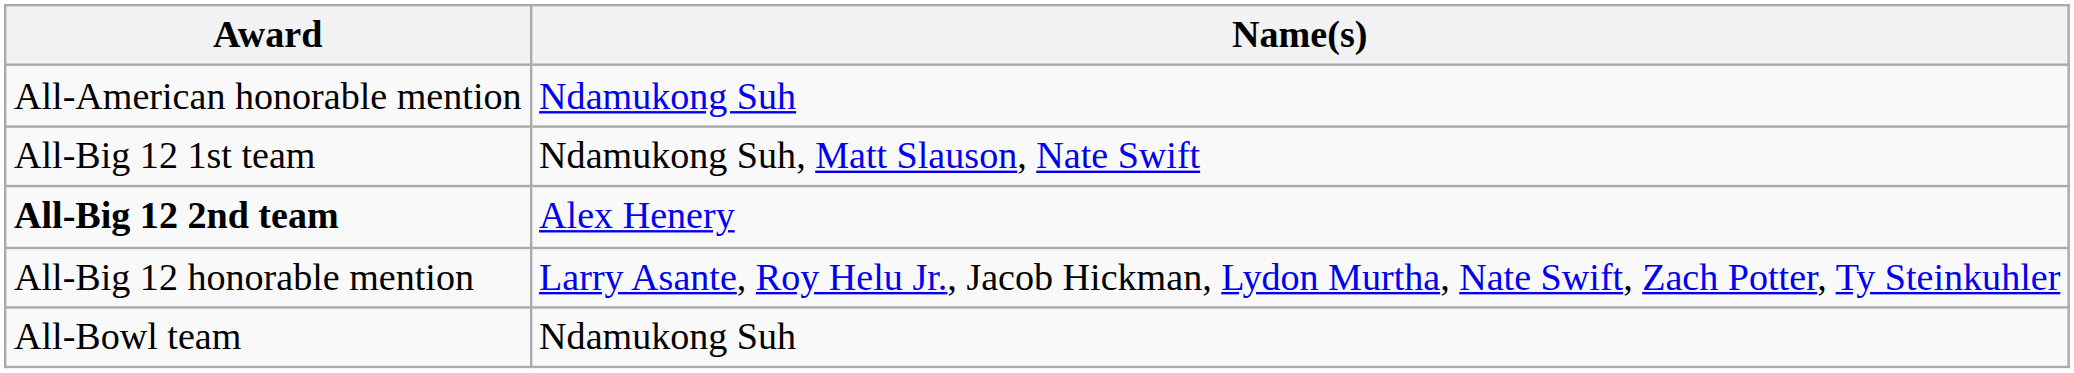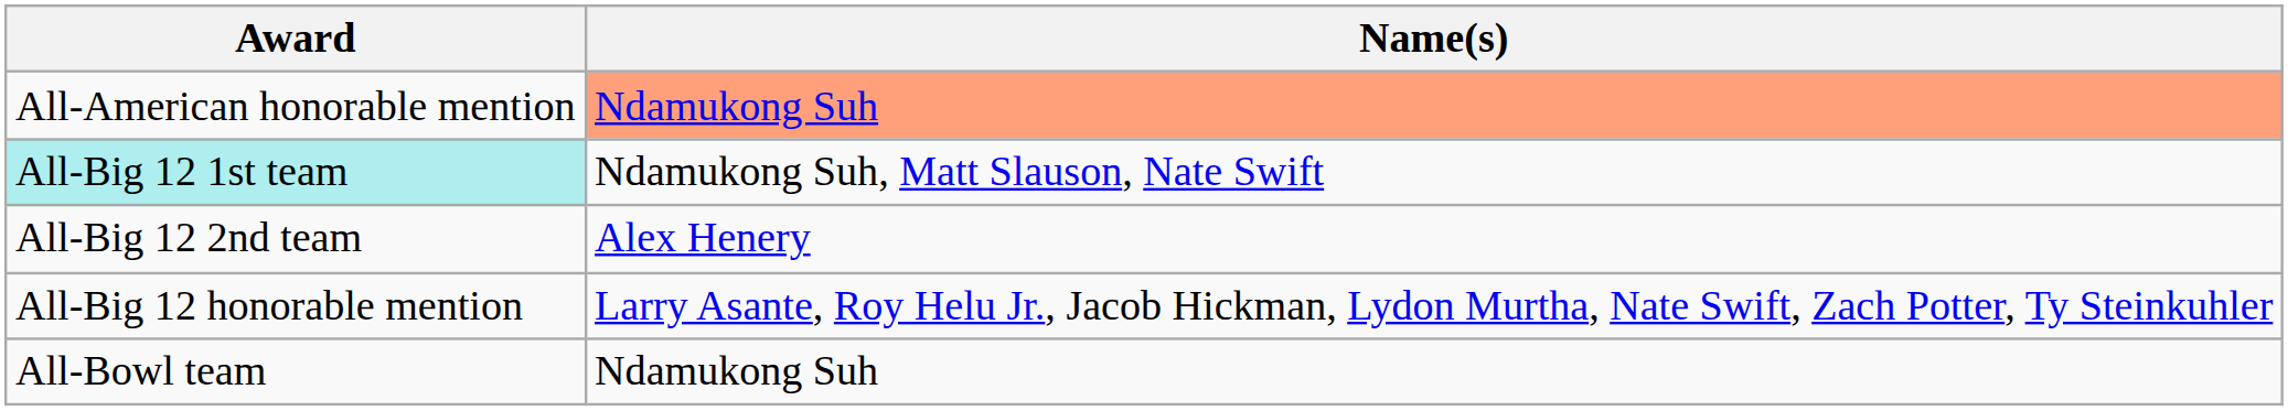 <table class="wikitable">
 <tr>
 <th>Award</th>
 <th>Name(s)</th>
 </tr>
 <tr>
 <td>All-American honorable mention</td>
-<td><a href='#'>Ndamukong Suh</a></td>
+<td style="background: lightsalmon;"><a href='#'>Ndamukong Suh</a></td>
 </tr>
 <tr>
-<td>All-Big 12 1st team</td>
+<td style="background: paleturquoise;">All-Big 12 1st team</td>
 <td>Ndamukong Suh, <a href='#'>Matt Slauson</a>, <a href='#'>Nate Swift</a></td>
 </tr>
 <tr>
-<td><strong>All-Big 12 2nd team</strong></td>
+<td>All-Big 12 2nd team</td>
 <td><a href='#'>Alex Henery</a></td>
 </tr>
 <tr>
 <td>All-Big 12 honorable mention</td>
 <td><a href='#'>Larry Asante</a>, <a href='#'>Roy Helu Jr.</a>, Jacob Hickman, <a href='#'>Lydon Murtha</a>, <a href='#'>Nate Swift</a>, <a href='#'>Zach Potter</a>, <a href='#'>Ty Steinkuhler</a></td>
 </tr>
 <tr>
 <td>All-Bowl team</td>
 <td>Ndamukong Suh</td>
 </tr>
 </table>
